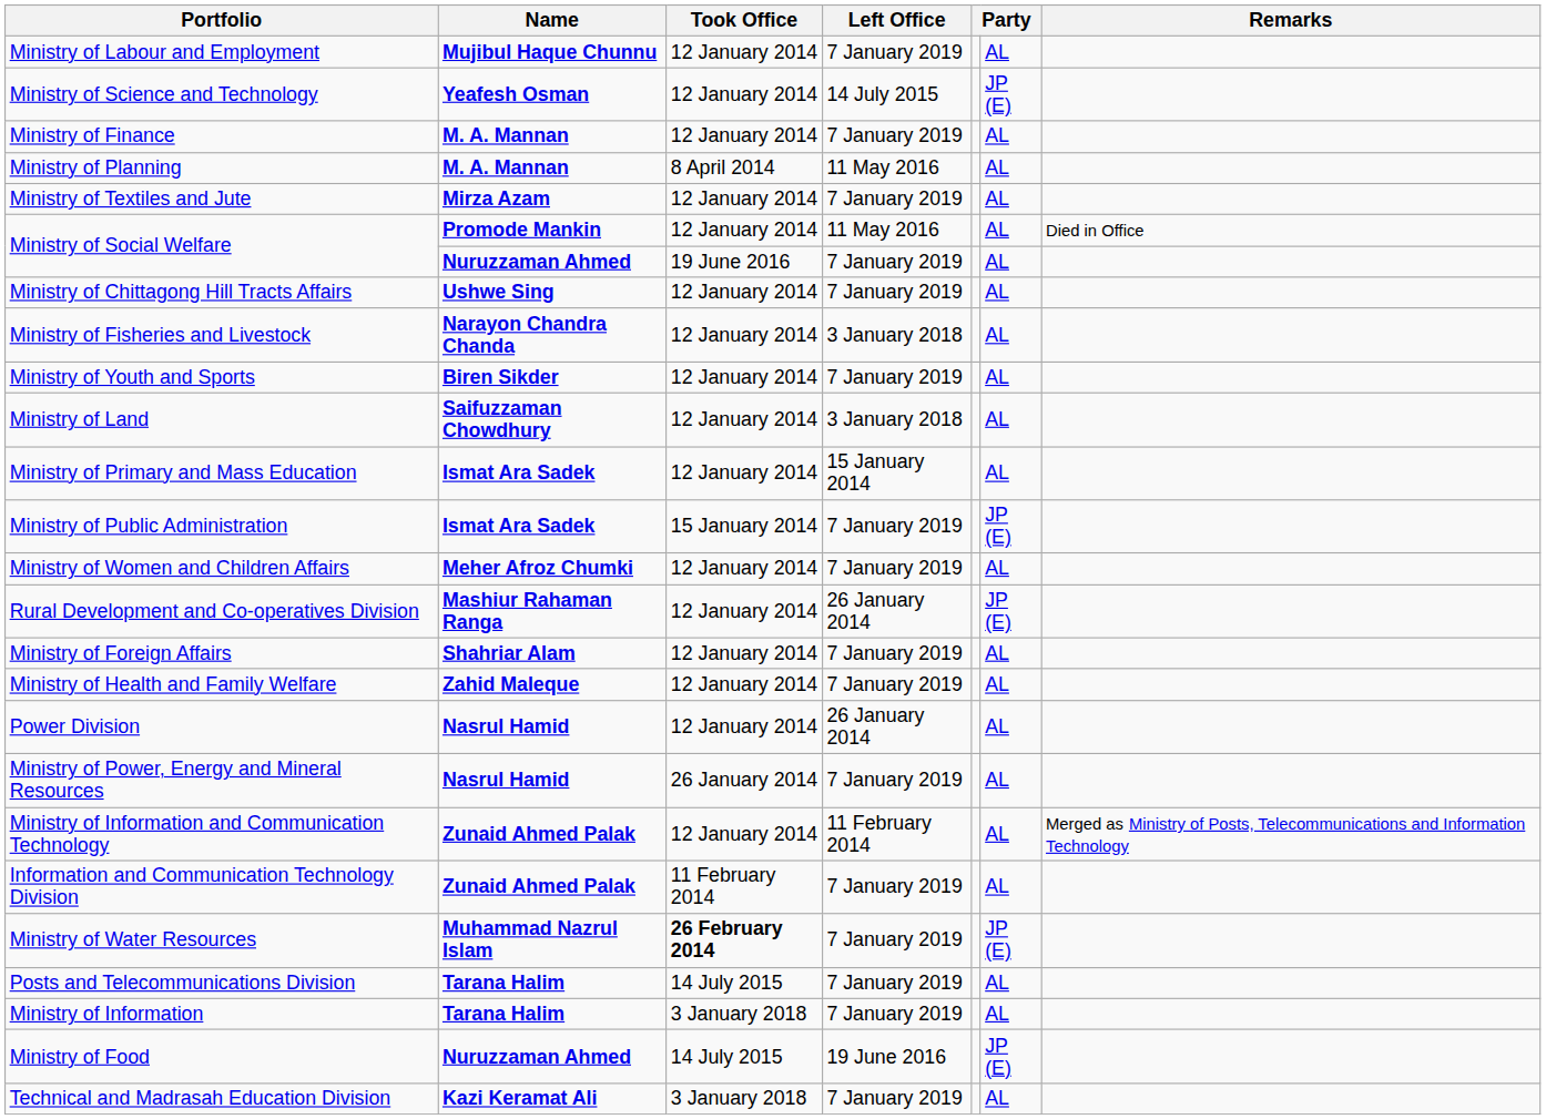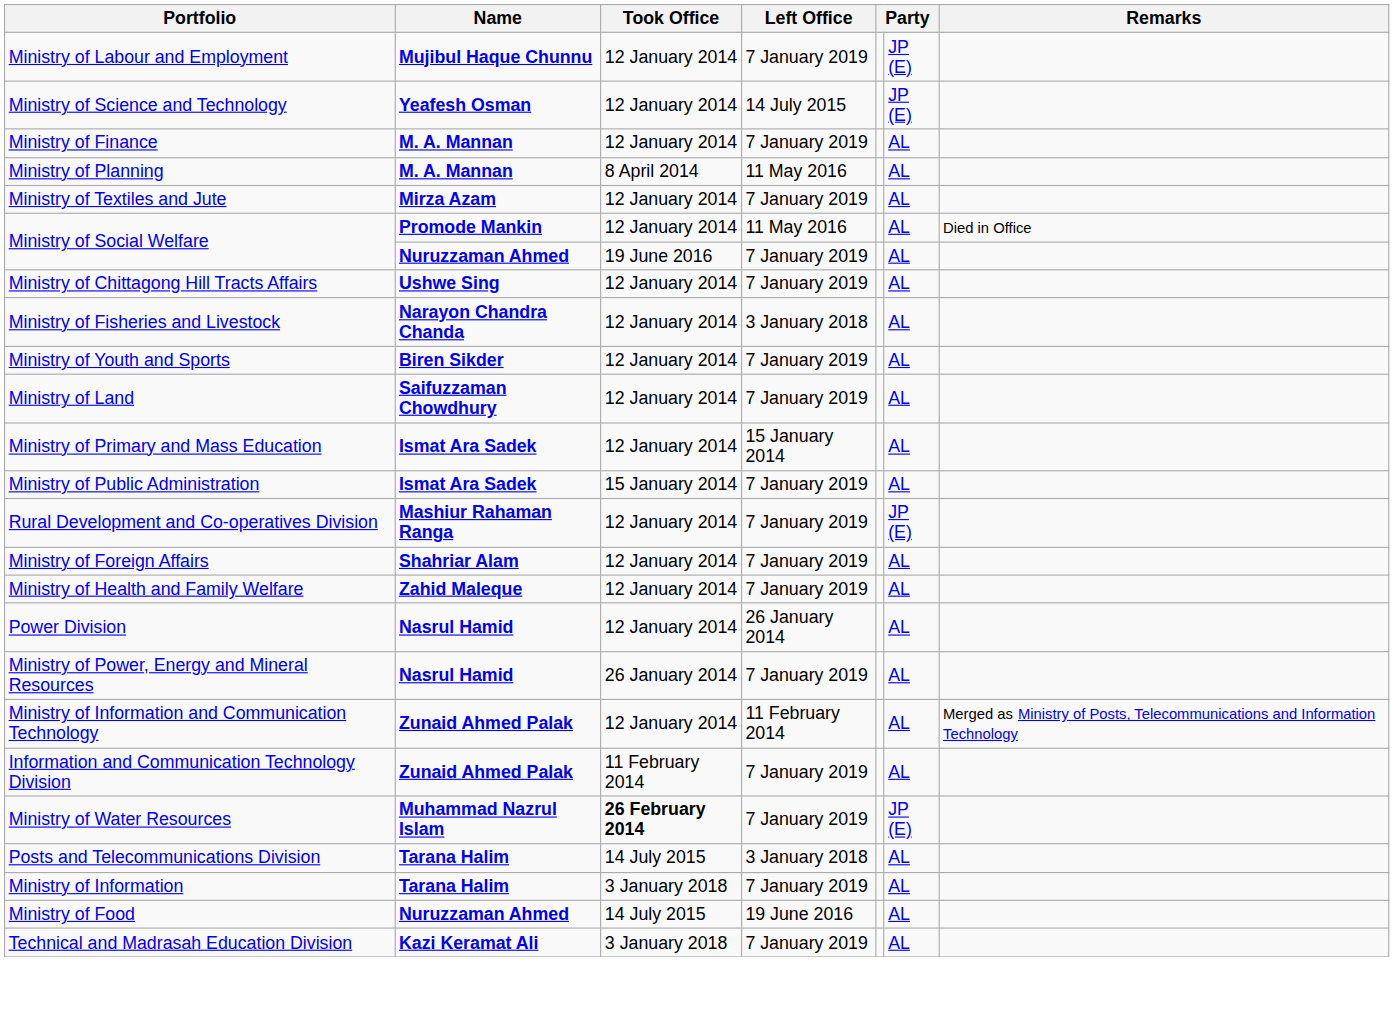 <table class="wikitable sortable">
 <tr>
 <th>Portfolio</th>
 <th>Name</th>
 <th>Took Office</th>
 <th>Left Office</th>
 <th colspan="2">Party</th>
 <th>Remarks</th>
 </tr>
 <tr>
 <td><a href='#'>Ministry of Labour and Employment</a></td>
 <td><a href='#'><strong>Mujibul Haque Chunnu</strong></a></td>
 <td>12 January 2014</td>
 <td>7 January 2019</td>
 <td style="background-color:"></td>
-<td><a href='#'>AL</a></td>
+<td><a href='#'>JP (E)</a></td>
 <td></td>
 </tr>
 <tr>
 <td><a href='#'>Ministry of Science and Technology</a></td>
 <td><strong><a href='#'>Yeafesh Osman</a></strong></td>
 <td>12 January 2014</td>
 <td>14 July 2015</td>
 <td style="background-color:"></td>
 <td><a href='#'>JP (E)</a></td>
 <td></td>
 </tr>
 <tr>
 <td><a href='#'>Ministry of Finance</a></td>
 <td><a href='#'><strong>M. A. Mannan</strong></a></td>
 <td>12 January 2014</td>
 <td>7 January 2019</td>
 <td style="background-color:"></td>
 <td><a href='#'>AL</a></td>
 <td></td>
 </tr>
 <tr>
 <td><a href='#'>Ministry of Planning</a></td>
 <td><a href='#'><strong>M. A. Mannan</strong></a></td>
 <td>8 April 2014</td>
 <td>11 May 2016</td>
 <td style="background-color:"></td>
 <td><a href='#'>AL</a></td>
 <td></td>
 </tr>
 <tr>
 <td><a href='#'>Ministry of Textiles and Jute</a></td>
 <td><strong><a href='#'>Mirza Azam</a></strong></td>
 <td>12 January 2014</td>
 <td>7 January 2019</td>
 <td style="background-color:"></td>
 <td><a href='#'>AL</a></td>
 <td></td>
 </tr>
 <tr>
 <td rowspan="2"><a href='#'>Ministry of Social Welfare</a></td>
 <td><strong><a href='#'>Promode Mankin</a></strong></td>
 <td>12 January 2014</td>
 <td>11 May 2016</td>
 <td style="background-color:"></td>
 <td><a href='#'>AL</a></td>
 <td><small>Died in Office</small></td>
 </tr>
 <tr>
 <td><strong><a href='#'>Nuruzzaman Ahmed</a></strong></td>
 <td>19 June 2016</td>
 <td>7 January 2019</td>
 <td style="background-color:"></td>
 <td><a href='#'>AL</a></td>
 <td></td>
 </tr>
 <tr>
 <td><a href='#'>Ministry of Chittagong Hill Tracts Affairs</a></td>
 <td><strong><a href='#'>Ushwe Sing</a></strong></td>
 <td>12 January 2014</td>
 <td>7 January 2019</td>
 <td style="background-color:"></td>
 <td><a href='#'>AL</a></td>
 <td></td>
 </tr>
 <tr>
 <td><a href='#'>Ministry of Fisheries and Livestock</a></td>
 <td><strong><a href='#'>Narayon Chandra Chanda</a></strong></td>
 <td>12 January 2014</td>
 <td>3 January 2018</td>
 <td style="background-color:"></td>
 <td><a href='#'>AL</a></td>
 <td></td>
 </tr>
 <tr>
 <td><a href='#'>Ministry of Youth and Sports</a></td>
 <td><strong><a href='#'>Biren Sikder</a></strong></td>
 <td>12 January 2014</td>
 <td>7 January 2019</td>
 <td style="background-color:"></td>
 <td><a href='#'>AL</a></td>
 <td></td>
 </tr>
 <tr>
 <td><a href='#'>Ministry of Land</a></td>
 <td><strong><a href='#'>Saifuzzaman Chowdhury</a></strong></td>
 <td>12 January 2014</td>
-<td>3 January 2018</td>
+<td>7 January 2019</td>
 <td style="background-color:"></td>
 <td><a href='#'>AL</a></td>
 <td></td>
 </tr>
 <tr>
 <td><a href='#'>Ministry of Primary and Mass Education</a></td>
 <td><a href='#'><strong>Ismat Ara Sadek</strong></a></td>
 <td>12 January 2014</td>
 <td>15 January 2014</td>
 <td style="background-color:"></td>
 <td><a href='#'>AL</a></td>
 <td></td>
 </tr>
 <tr>
 <td><a href='#'>Ministry of Public Administration</a></td>
 <td><a href='#'><strong>Ismat Ara Sadek</strong></a></td>
 <td>15 January 2014</td>
 <td>7 January 2019</td>
 <td style="background-color:"></td>
-<td><a href='#'>JP (E)</a></td>
-<td></td>
-</tr>
-<tr>
-<td><a href='#'>Ministry of Women and Children Affairs</a></td>
-<td><strong><a href='#'>Meher Afroz Chumki</a></strong></td>
-<td>12 January 2014</td>
-<td>7 January 2019</td>
-<td style="background-color:"></td>
 <td><a href='#'>AL</a></td>
 <td></td>
 </tr>
 <tr>
 <td><a href='#'>Rural Development and Co-operatives Division</a></td>
 <td><strong><a href='#'>Mashiur Rahaman Ranga</a></strong></td>
 <td>12 January 2014</td>
-<td>26 January 2014</td>
+<td>7 January 2019</td>
 <td style="background-color:"></td>
 <td><a href='#'>JP (E)</a></td>
 <td></td>
 </tr>
 <tr>
 <td><a href='#'>Ministry of Foreign Affairs</a></td>
 <td><a href='#'><strong>Shahriar Alam</strong></a></td>
 <td>12 January 2014</td>
 <td>7 January 2019</td>
 <td style="background-color:"></td>
 <td><a href='#'>AL</a></td>
 <td></td>
 </tr>
 <tr>
 <td><a href='#'>Ministry of Health and Family Welfare</a></td>
 <td><strong><a href='#'>Zahid Maleque</a></strong></td>
 <td>12 January 2014</td>
 <td>7 January 2019</td>
 <td style="background-color:"></td>
 <td><a href='#'>AL</a></td>
 <td></td>
 </tr>
 <tr>
 <td><a href='#'>Power Division</a></td>
 <td><strong><a href='#'>Nasrul Hamid</a></strong></td>
 <td>12 January 2014</td>
 <td>26 January 2014</td>
 <td style="background-color:"></td>
 <td><a href='#'>AL</a></td>
 <td></td>
 </tr>
 <tr>
 <td><a href='#'>Ministry of Power, Energy and Mineral Resources</a></td>
 <td><strong><a href='#'>Nasrul Hamid</a></strong></td>
 <td>26 January 2014</td>
 <td>7 January 2019</td>
 <td style="background-color:"></td>
 <td><a href='#'>AL</a></td>
 <td></td>
 </tr>
 <tr>
 <td><a href='#'>Ministry of Information and Communication Technology</a></td>
 <td><strong><a href='#'>Zunaid Ahmed Palak</a></strong></td>
 <td>12 January 2014</td>
 <td>11 February 2014</td>
 <td style="background-color:"></td>
 <td><a href='#'>AL</a></td>
 <td><small>Merged as</small> <a href='#'><small>Ministry of Posts, Telecommunications and Information Technology</small></a></td>
 </tr>
 <tr>
 <td><a href='#'>Information and Communication Technology Division</a></td>
 <td><strong><a href='#'>Zunaid Ahmed Palak</a></strong></td>
 <td>11 February 2014</td>
 <td>7 January 2019</td>
 <td style="background-color:"></td>
 <td><a href='#'>AL</a></td>
 <td></td>
 </tr>
 <tr>
 <td><a href='#'>Ministry of Water Resources</a></td>
 <td><strong><a href='#'>Muhammad Nazrul Islam</a></strong></td>
 <td><strong>26 February 2014</strong></td>
 <td>7 January 2019</td>
 <td style="background-color:"></td>
 <td><a href='#'>JP (E)</a></td>
 <td></td>
 </tr>
 <tr>
 <td><a href='#'>Posts and Telecommunications Division</a></td>
 <td><strong><a href='#'>Tarana Halim</a></strong></td>
 <td>14 July 2015</td>
-<td>7 January 2019</td>
+<td>3 January 2018</td>
 <td style="background-color:"></td>
 <td><a href='#'>AL</a></td>
 <td></td>
 </tr>
 <tr>
 <td><a href='#'>Ministry of Information</a></td>
 <td><strong><a href='#'>Tarana Halim</a></strong></td>
 <td>3 January 2018</td>
 <td>7 January 2019</td>
 <td style="background-color:"></td>
 <td><a href='#'>AL</a></td>
 <td></td>
 </tr>
 <tr>
 <td><a href='#'>Ministry of Food</a></td>
 <td><strong><a href='#'>Nuruzzaman Ahmed</a></strong></td>
 <td>14 July 2015</td>
 <td>19 June 2016</td>
 <td style="background-color:"></td>
-<td><a href='#'>JP (E)</a></td>
+<td><a href='#'>AL</a></td>
 <td></td>
 </tr>
 <tr>
 <td><a href='#'>Technical and Madrasah Education Division</a></td>
 <td><strong><a href='#'>Kazi Keramat Ali</a></strong></td>
 <td>3 January 2018</td>
 <td>7 January 2019</td>
 <td style="background-color:"></td>
 <td><a href='#'>AL</a></td>
 <td></td>
 </tr>
 </table>
